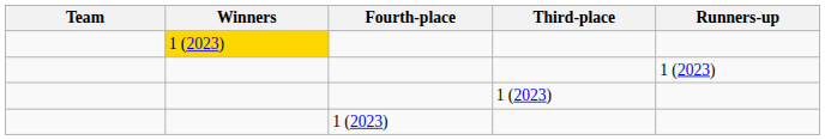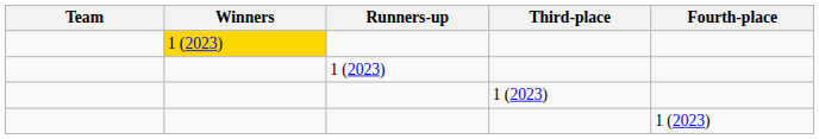 <table class="wikitable sortable" style="width: 800px;">
 <tr>
 <th style="width: 19.5%;">Team</th>
 <th style="width: 20%;">Winners</th>
+<th style="width: 20%;">Runners-up</th>
+<th style="width: 20%;">Third-place</th>
 <th style="width: 20%;">Fourth-place</th>
-<th style="width: 20%;">Third-place</th>
-<th style="width: 20%;">Runners-up</th>
 </tr>
 <tr>
 <td></td>
 <td bgcolor=gold>1 (<a href='#'>2023</a>)</td>
 <td></td>
 <td></td>
 <td></td>
 </tr>
 <tr>
 <td></td>
 <td></td>
+<td>1 (<a href='#'>2023</a>)</td>
 <td></td>
 <td></td>
-<td>1 (<a href='#'>2023</a>)</td>
 </tr>
 <tr>
 <td></td>
 <td></td>
 <td></td>
 <td>1 (<a href='#'>2023</a>)</td>
 <td></td>
 </tr>
 <tr>
 <td></td>
 <td></td>
-<td>1 (<a href='#'>2023</a>)</td>
 <td></td>
 <td></td>
+<td>1 (<a href='#'>2023</a>)</td>
 </tr>
 </table>
